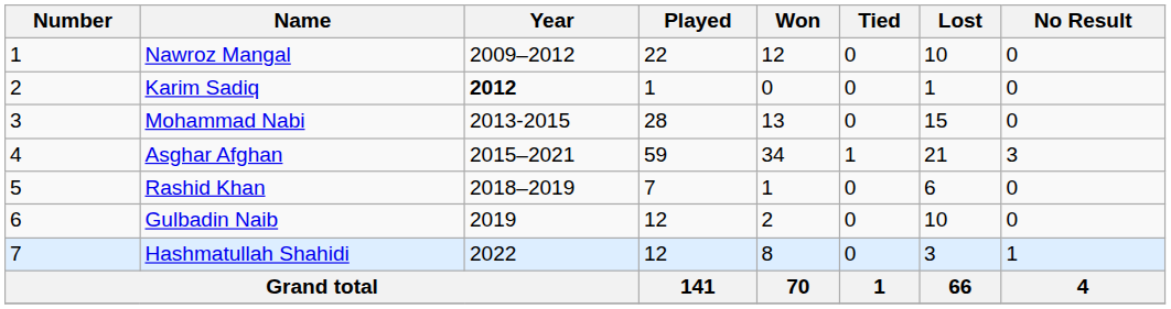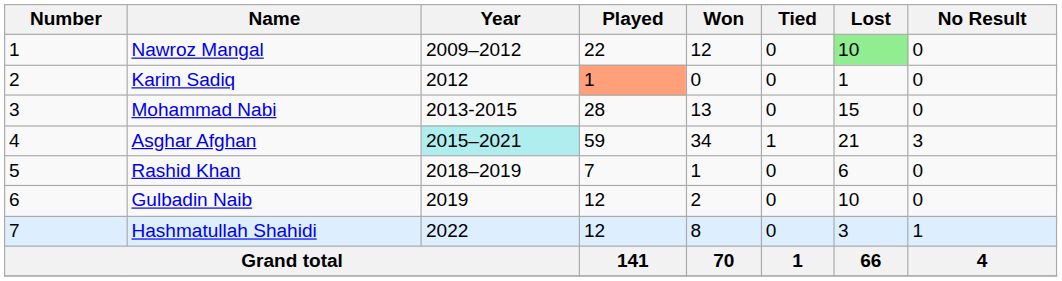 <table class="wikitable" style="width:70%;">
 <tr>
 <th>Number</th>
 <th>Name</th>
 <th>Year</th>
 <th>Played</th>
 <th>Won</th>
 <th>Tied</th>
 <th>Lost</th>
 <th>No Result</th>
 </tr>
 <tr>
 <td>1</td>
 <td><a href='#'>Nawroz Mangal</a></td>
 <td>2009–2012</td>
 <td>22</td>
 <td>12</td>
 <td>0</td>
-<td>10</td>
+<td style="background: lightgreen;">10</td>
 <td>0</td>
 </tr>
 <tr>
 <td>2</td>
 <td><a href='#'>Karim Sadiq</a></td>
-<td><strong>2012</strong></td>
-<td>1</td>
+<td>2012</td>
+<td style="background: lightsalmon;">1</td>
 <td>0</td>
 <td>0</td>
 <td>1</td>
 <td>0</td>
 </tr>
 <tr>
 <td>3</td>
 <td><a href='#'>Mohammad Nabi</a></td>
 <td>2013-2015</td>
 <td>28</td>
 <td>13</td>
 <td>0</td>
 <td>15</td>
 <td>0</td>
 </tr>
 <tr>
 <td>4</td>
 <td><a href='#'>Asghar Afghan</a></td>
-<td>2015–2021</td>
+<td style="background: paleturquoise;">2015–2021</td>
 <td>59</td>
 <td>34</td>
 <td>1</td>
 <td>21</td>
 <td>3</td>
 </tr>
 <tr>
 <td>5</td>
 <td><a href='#'>Rashid Khan</a></td>
 <td>2018–2019</td>
 <td>7</td>
 <td>1</td>
 <td>0</td>
 <td>6</td>
 <td>0</td>
 </tr>
 <tr>
 <td>6</td>
 <td><a href='#'>Gulbadin Naib</a></td>
 <td>2019</td>
 <td>12</td>
 <td>2</td>
 <td>0</td>
 <td>10</td>
 <td>0</td>
 </tr>
 <tr bgcolor=#def>
 <td>7</td>
 <td><a href='#'>Hashmatullah Shahidi</a></td>
 <td>2022</td>
 <td>12</td>
 <td>8</td>
 <td>0</td>
 <td>3</td>
 <td>1</td>
 </tr>
 <tr>
 <th colspan=3><strong>Grand total</strong></th>
 <th><strong>141</strong></th>
 <th><strong>70</strong></th>
 <th><strong>1</strong></th>
 <th><strong>66</strong></th>
 <th><strong>4</strong></th>
 </tr>
 <tr>
 </tr>
 </table>
